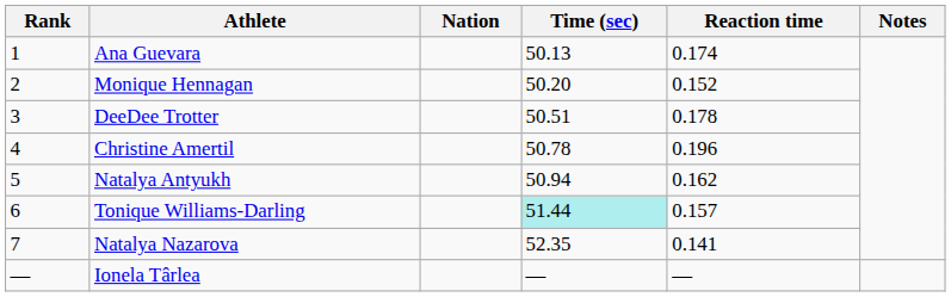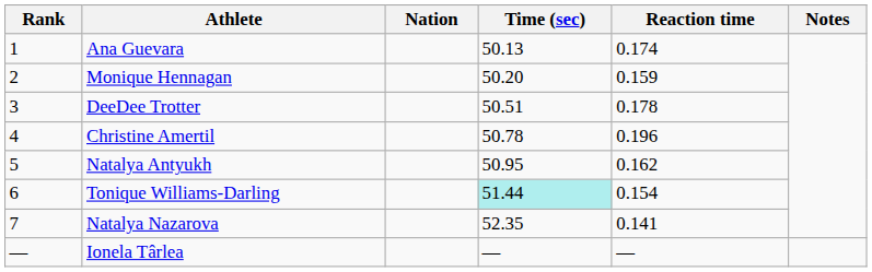 <table class="wikitable" style="text=align:center;" width=85%>
 <tr>
 <th>Rank</th>
 <th>Athlete</th>
 <th>Nation</th>
 <th>Time (<a href='#'>sec</a>)</th>
 <th>Reaction time</th>
 <th>Notes</th>
 </tr>
 <tr>
 <td>1</td>
 <td><a href='#'>Ana Guevara</a></td>
 <td></td>
 <td>50.13</td>
 <td>0.174</td>
 </tr>
 <tr>
 <td>2</td>
 <td><a href='#'>Monique Hennagan</a></td>
 <td></td>
 <td>50.20</td>
-<td>0.152</td>
+<td>0.159</td>
 </tr>
 <tr>
 <td>3</td>
 <td><a href='#'>DeeDee Trotter</a></td>
 <td></td>
 <td>50.51</td>
 <td>0.178</td>
 </tr>
 <tr>
 <td>4</td>
 <td><a href='#'>Christine Amertil</a></td>
 <td></td>
 <td>50.78</td>
 <td>0.196</td>
 </tr>
 <tr>
 <td>5</td>
 <td><a href='#'>Natalya Antyukh</a></td>
 <td></td>
-<td>50.94</td>
+<td>50.95</td>
 <td>0.162</td>
 </tr>
 <tr>
 <td>6</td>
 <td><a href='#'>Tonique Williams-Darling</a></td>
 <td></td>
 <td style="background: paleturquoise;">51.44</td>
-<td>0.157</td>
+<td>0.154</td>
 </tr>
 <tr>
 <td>7</td>
 <td><a href='#'>Natalya Nazarova</a></td>
 <td></td>
 <td>52.35</td>
 <td>0.141</td>
 </tr>
 <tr>
 <td>—</td>
 <td><a href='#'>Ionela Târlea</a></td>
 <td></td>
 <td>—</td>
 <td>—</td>
 <td></td>
 </tr>
 </table>
